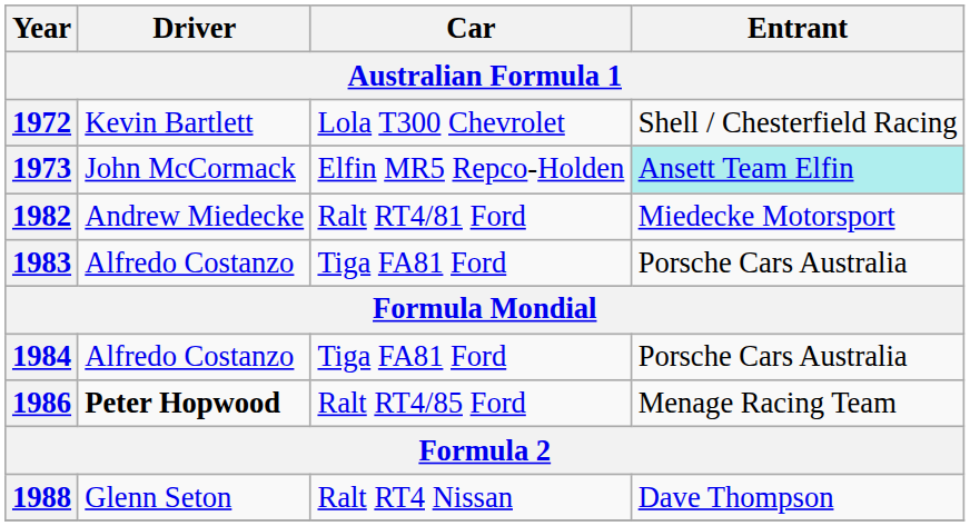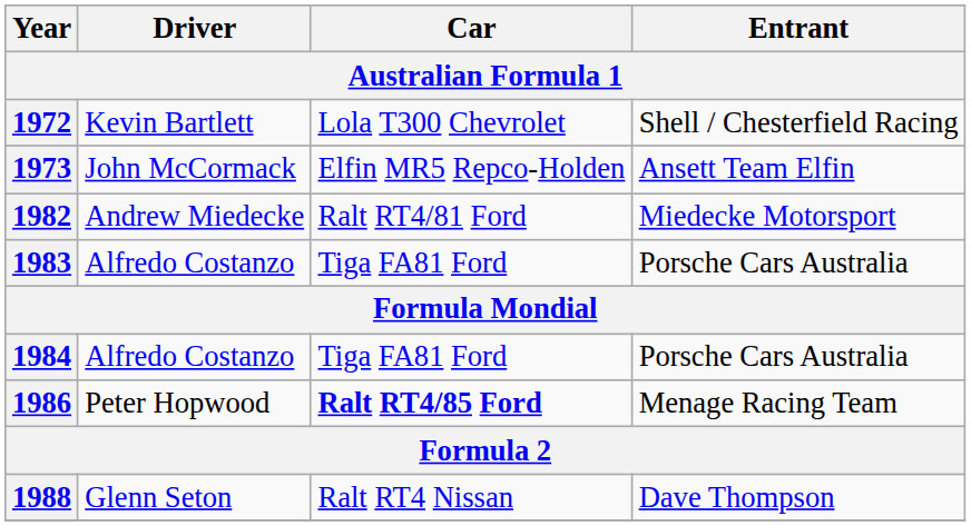 <table class="wikitable">
 <tr style="font-weight:bold">
 <th>Year</th>
 <th>Driver</th>
 <th>Car</th>
 <th>Entrant</th>
 </tr>
 <tr>
 <th colspan=5><a href='#'>Australian Formula 1</a></th>
 </tr>
 <tr>
 <th><a href='#'>1972</a></th>
 <td> <a href='#'>Kevin Bartlett</a></td>
 <td><a href='#'>Lola</a> <a href='#'>T300</a> <a href='#'>Chevrolet</a></td>
 <td>Shell / Chesterfield Racing</td>
 </tr>
 <tr>
 <th><a href='#'>1973</a></th>
 <td> <a href='#'>John McCormack</a></td>
 <td><a href='#'>Elfin</a> <a href='#'>MR5</a> <a href='#'>Repco</a>-<a href='#'>Holden</a></td>
-<td style="background: paleturquoise;"><a href='#'>Ansett Team Elfin</a></td>
+<td><a href='#'>Ansett Team Elfin</a></td>
 </tr>
 <tr>
 <th><a href='#'>1982</a></th>
 <td> <a href='#'>Andrew Miedecke</a></td>
 <td><a href='#'>Ralt</a> <a href='#'>RT4/81</a> <a href='#'>Ford</a></td>
 <td><a href='#'>Miedecke Motorsport</a></td>
 </tr>
 <tr>
 <th><a href='#'>1983</a></th>
 <td> <a href='#'>Alfredo Costanzo</a></td>
 <td><a href='#'>Tiga</a> <a href='#'>FA81</a> <a href='#'>Ford</a></td>
 <td>Porsche Cars Australia</td>
 </tr>
 <tr>
 <th colspan=5><a href='#'>Formula Mondial</a></th>
 </tr>
 <tr>
 <th><a href='#'>1984</a></th>
 <td> <a href='#'>Alfredo Costanzo</a></td>
 <td><a href='#'>Tiga</a> <a href='#'>FA81</a> <a href='#'>Ford</a></td>
 <td>Porsche Cars Australia</td>
 </tr>
 <tr>
 <th><a href='#'>1986</a></th>
-<td><strong> Peter Hopwood</strong></td>
-<td><a href='#'>Ralt</a> <a href='#'>RT4/85</a> <a href='#'>Ford</a></td>
+<td> Peter Hopwood</td>
+<td><strong><a href='#'>Ralt</a> <a href='#'>RT4/85</a> <a href='#'>Ford</a></strong></td>
 <td>Menage Racing Team</td>
 </tr>
 <tr>
 <th colspan=5><a href='#'>Formula 2</a></th>
 </tr>
 <tr>
 <th><a href='#'>1988</a></th>
 <td> <a href='#'>Glenn Seton</a></td>
 <td><a href='#'>Ralt</a> <a href='#'>RT4</a> <a href='#'>Nissan</a></td>
 <td><a href='#'>Dave Thompson</a></td>
 </tr>
 <tr>
 </tr>
 </table>
